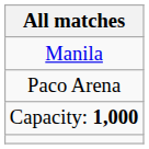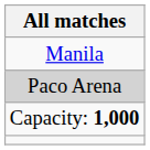 <table class="wikitable" style="text-align:center">
 <tr>
 <th>All matches</th>
 </tr>
 <tr>
 <td><a href='#'>Manila</a></td>
 </tr>
 <tr>
-<td>Paco Arena</td>
+<td style="background: lightgrey;">Paco Arena</td>
 </tr>
 <tr>
 <td>Capacity: <strong>1,000</strong></td>
 </tr>
 <tr>
 <td></td>
 </tr>
 </table>
